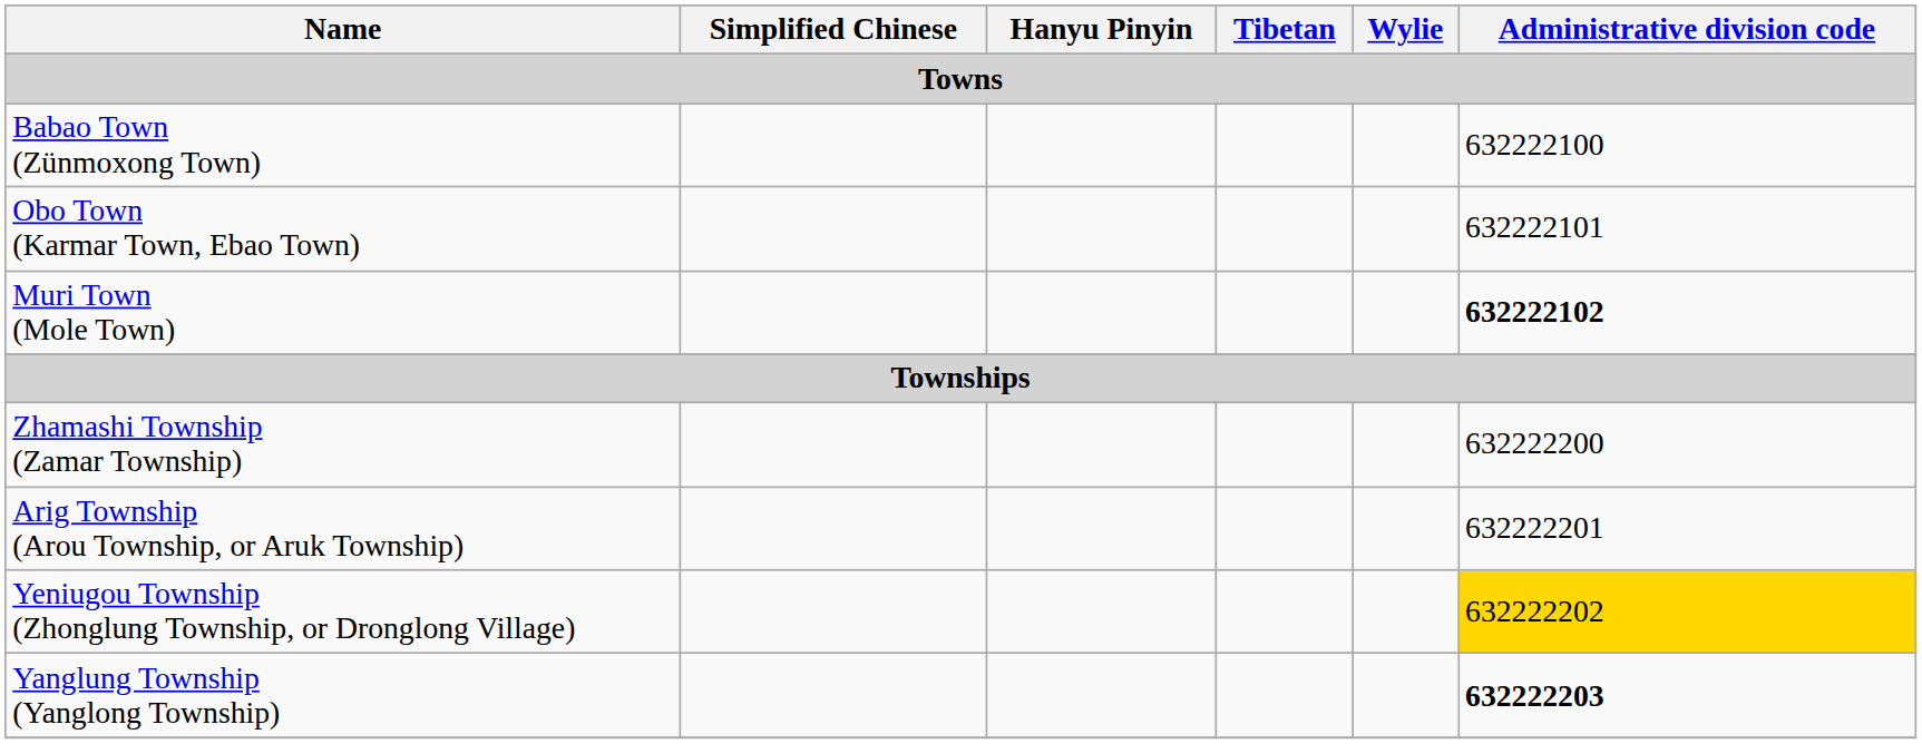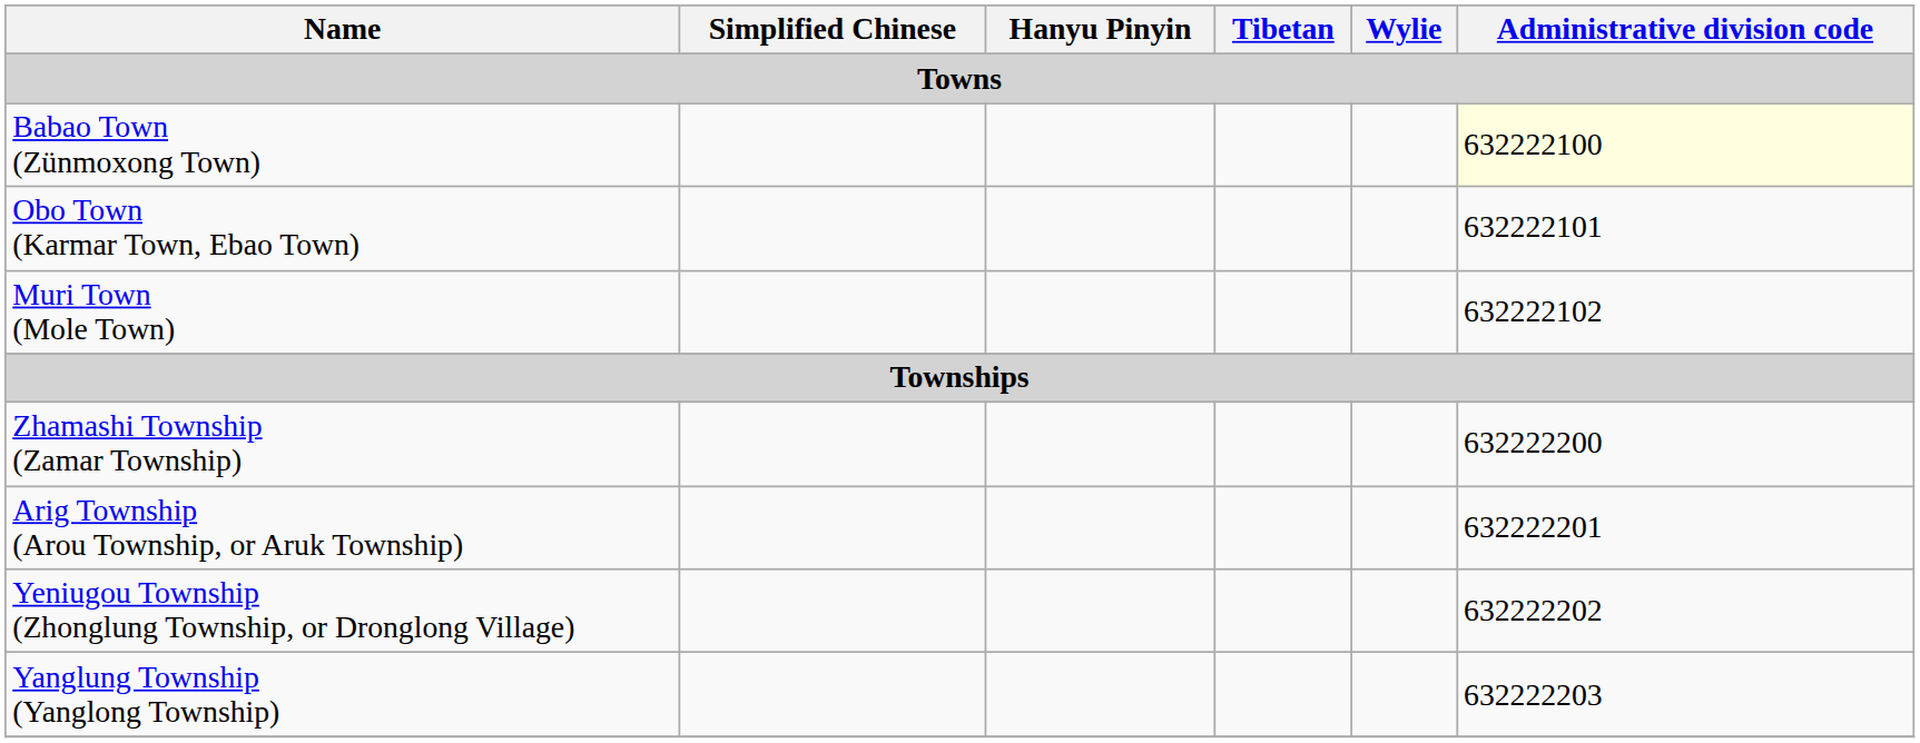 <table class="wikitable" align="center" style="width:50%; border="1">
 <tr>
 <th>Name</th>
 <th>Simplified Chinese</th>
 <th>Hanyu Pinyin</th>
 <th><a href='#'>Tibetan</a></th>
 <th><a href='#'>Wylie</a></th>
 <th><a href='#'>Administrative division code</a></th>
 </tr>
 <tr>
 <td colspan="7"  style="text-align:center; background:#d3d3d3;"><strong>Towns</strong></td>
 </tr>
 <tr --------->
 <td><a href='#'>Babao Town</a><br>(Zünmoxong Town)</td>
 <td></td>
 <td></td>
 <td></td>
 <td></td>
-<td>632222100</td>
+<td style="background: lightyellow;">632222100</td>
 </tr>
 <tr>
 <td><a href='#'>Obo Town</a><br>(Karmar Town, Ebao Town)</td>
 <td></td>
 <td></td>
 <td></td>
 <td></td>
 <td>632222101</td>
 </tr>
 <tr>
 <td><a href='#'>Muri Town</a><br>(Mole Town)</td>
 <td></td>
 <td></td>
 <td></td>
 <td></td>
-<td><strong>632222102</strong></td>
+<td>632222102</td>
 </tr>
 <tr>
 <td colspan="7"  style="text-align:center; background:#d3d3d3;"><strong>Townships</strong></td>
 </tr>
 <tr --------->
 <td><a href='#'>Zhamashi Township</a><br>(Zamar Township)</td>
 <td></td>
 <td></td>
 <td></td>
 <td></td>
 <td>632222200</td>
 </tr>
 <tr>
 <td><a href='#'>Arig Township</a><br>(Arou Township, or Aruk Township)</td>
 <td></td>
 <td></td>
 <td></td>
 <td></td>
 <td>632222201</td>
 </tr>
 <tr>
 <td><a href='#'>Yeniugou Township</a><br>(Zhonglung Township, or Dronglong Village)</td>
 <td></td>
 <td></td>
 <td></td>
 <td></td>
-<td style="background: gold;">632222202</td>
+<td>632222202</td>
 </tr>
 <tr>
 <td><a href='#'>Yanglung Township</a><br>(Yanglong Township)</td>
 <td></td>
 <td></td>
 <td></td>
 <td></td>
-<td><strong>632222203</strong></td>
+<td>632222203</td>
 </tr>
 <tr>
 </tr>
 </table>
